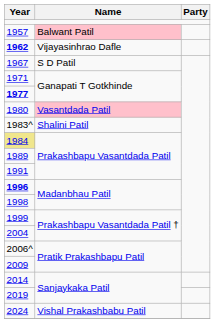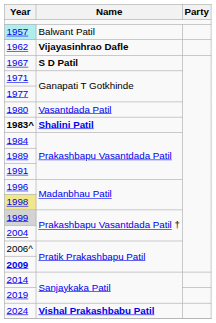 <table class="wikitable">
 <tr>
 <th>Year</th>
 <th>Name</th>
 <th colspan="2">Party</th>
 </tr>
 <tr>
 <td colspan="4"></td>
 </tr>
 <tr>
-<td><a href='#'>1957</a></td>
-<td style="background: pink;">Balwant Patil</td>
+<td style="background: paleturquoise;"><a href='#'>1957</a></td>
+<td>Balwant Patil</td>
 <td></td>
 </tr>
 <tr>
-<td><strong><a href='#'>1962</a></strong></td>
-<td>Vijayasinhrao Dafle</td>
+<td><a href='#'>1962</a></td>
+<td><strong>Vijayasinhrao Dafle</strong></td>
 <td></td>
 </tr>
 <tr>
 <td><a href='#'>1967</a></td>
-<td>S D Patil</td>
+<td><strong>S D Patil</strong></td>
 </tr>
 <tr>
 <td><a href='#'>1971</a></td>
 <td rowspan="2">Ganapati T Gotkhinde</td>
 </tr>
 <tr>
-<td><strong><a href='#'>1977</a></strong></td>
+<td><a href='#'>1977</a></td>
 </tr>
 <tr>
 <td><a href='#'>1980</a></td>
-<td style="background: pink;"><a href='#'>Vasantdada Patil</a></td>
+<td><a href='#'>Vasantdada Patil</a></td>
 </tr>
 <tr>
-<td>1983^</td>
-<td><a href='#'>Shalini Patil</a></td>
+<td><strong>1983^</strong></td>
+<td><strong><a href='#'>Shalini Patil</a></strong></td>
 </tr>
 <tr>
-<td style="background: khaki;"><a href='#'>1984</a></td>
+<td><a href='#'>1984</a></td>
 <td rowspan="3"><a href='#'>Prakashbapu Vasantdada Patil</a></td>
 </tr>
 <tr>
 <td><a href='#'>1989</a></td>
 </tr>
 <tr>
 <td><a href='#'>1991</a></td>
 </tr>
 <tr>
-<td><strong><a href='#'>1996</a></strong></td>
+<td><a href='#'>1996</a></td>
 <td rowspan="2"><a href='#'>Madanbhau Patil</a></td>
 </tr>
 <tr>
-<td><a href='#'>1998</a></td>
+<td style="background: khaki;"><a href='#'>1998</a></td>
 </tr>
 <tr>
-<td><a href='#'>1999</a></td>
+<td style="background: lightgrey;"><a href='#'>1999</a></td>
 <td rowspan="2"><a href='#'>Prakashbapu Vasantdada Patil</a> †</td>
 </tr>
 <tr>
 <td><a href='#'>2004</a></td>
 </tr>
 <tr>
 <td>2006^</td>
 <td rowspan="2"><a href='#'>Pratik Prakashbapu Patil</a></td>
 </tr>
 <tr>
-<td><a href='#'>2009</a></td>
+<td><strong><a href='#'>2009</a></strong></td>
 </tr>
 <tr>
 <td><a href='#'>2014</a></td>
 <td rowspan="2"><a href='#'>Sanjaykaka Patil</a></td>
 <td></td>
 </tr>
 <tr>
 <td><a href='#'>2019</a></td>
 </tr>
 <tr>
 <td><a href='#'>2024</a></td>
-<td><a href='#'>Vishal Prakashbabu Patil</a></td>
+<td><strong><a href='#'>Vishal Prakashbabu Patil</a></strong></td>
 <td></td>
 </tr>
 <tr>
 </tr>
 </table>
